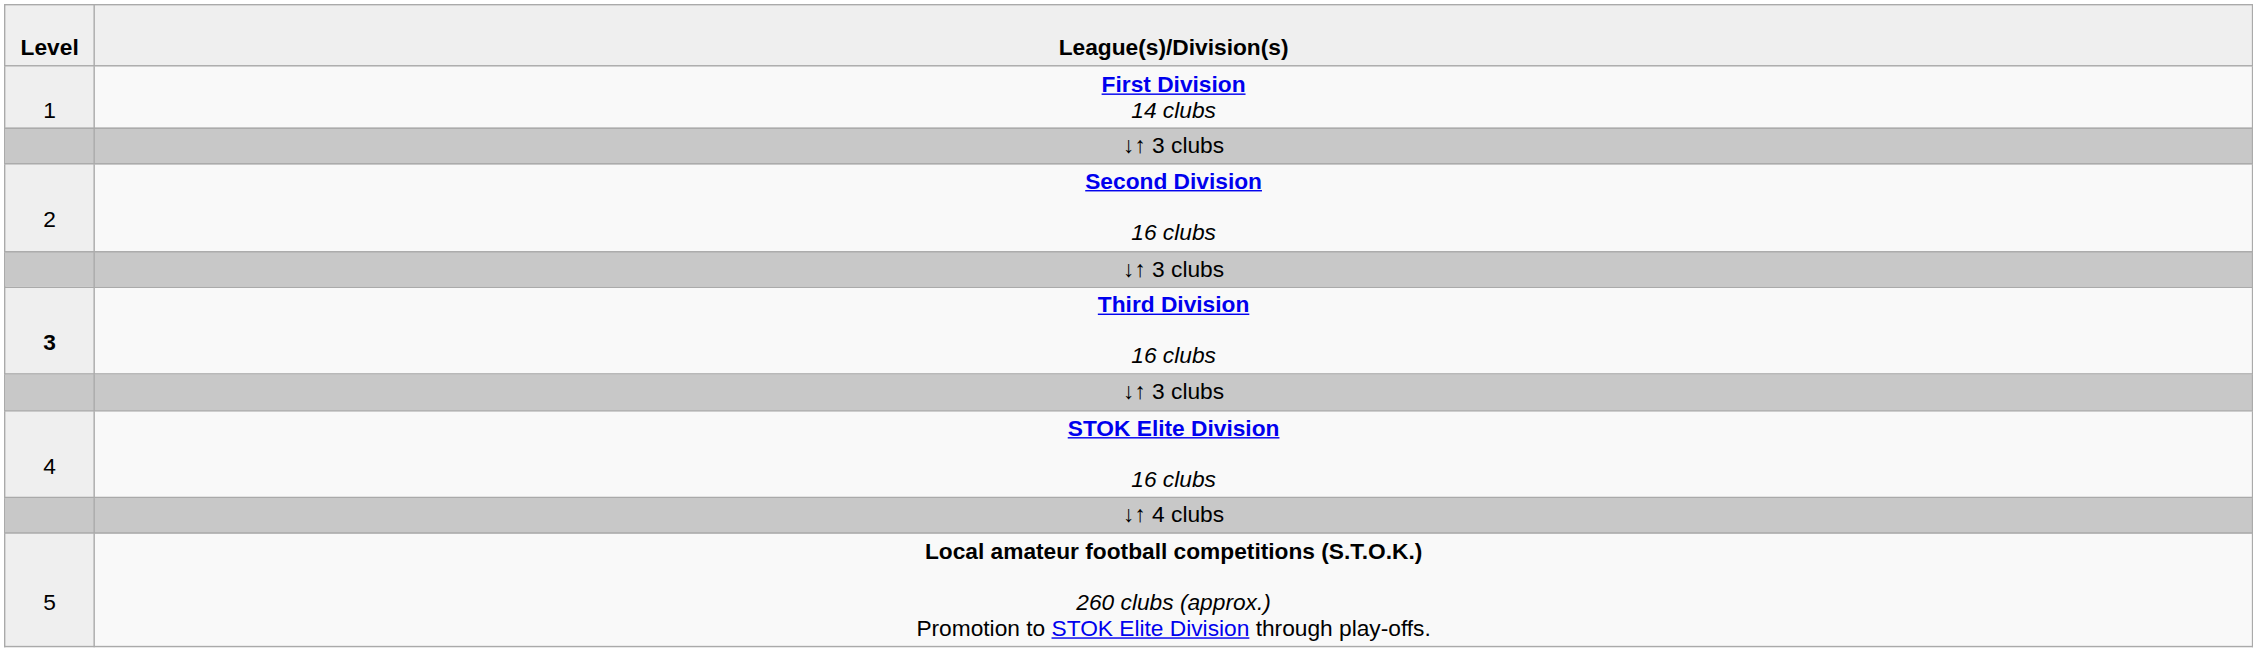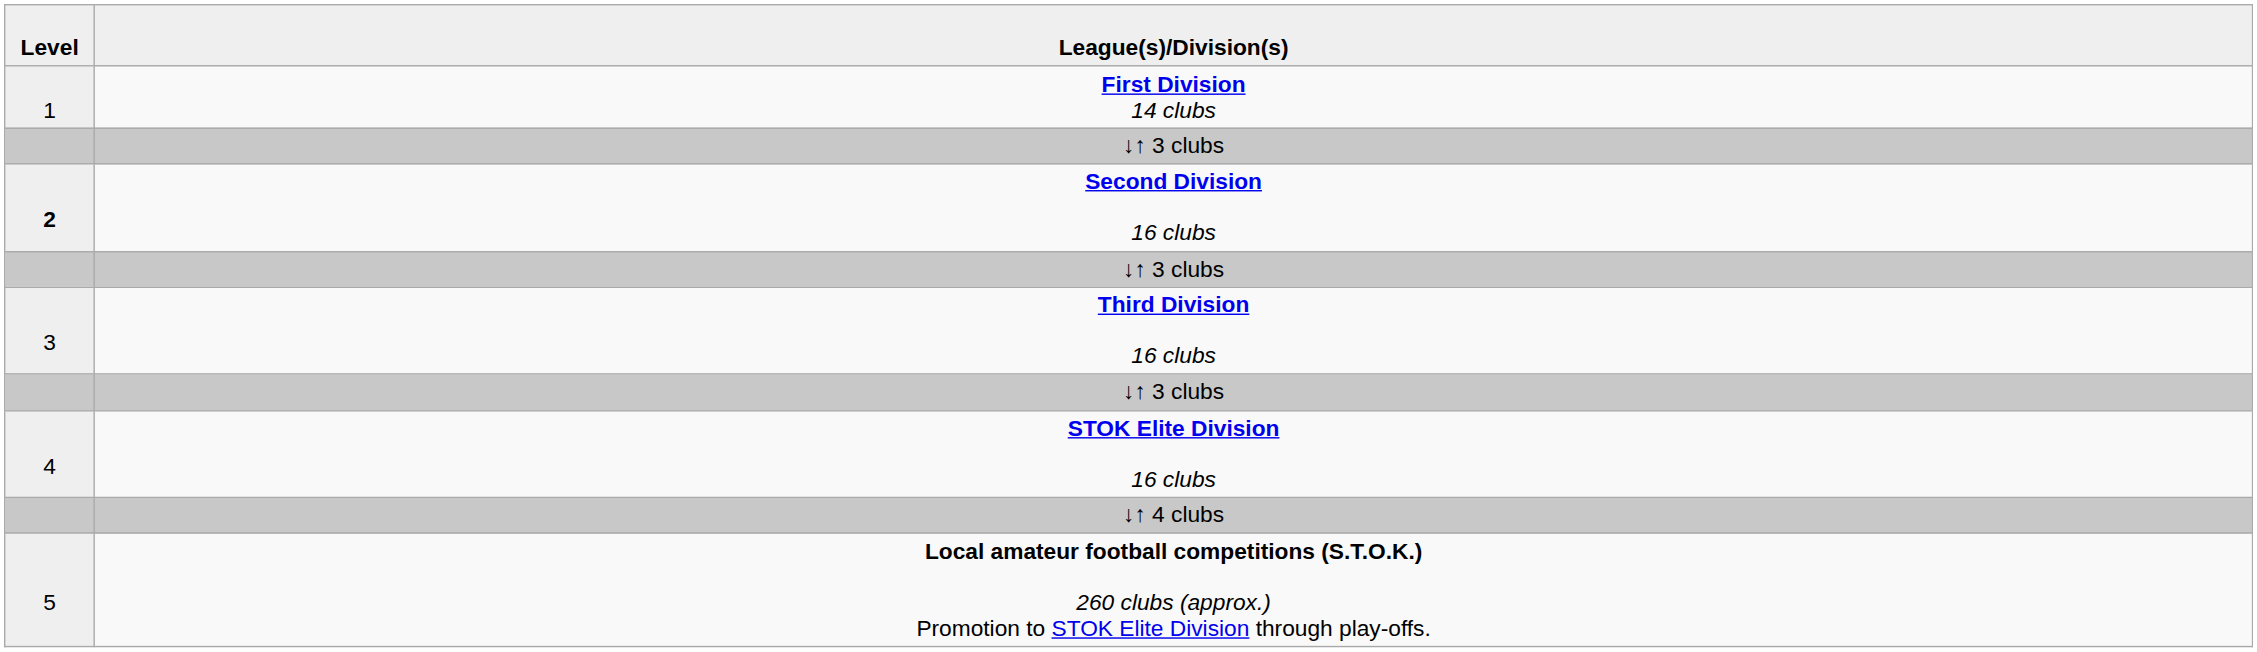 <table class="wikitable" style="text-align:center; width:100%;">
 <tr style="background:#efefef;">
 <td style="width:4%; text-align:center;"><br><strong>Level</strong></td>
 <td colspan="12"  style="width:96%; text-align:center;"><br><strong>League(s)/Division(s)</strong></td>
 </tr>
 <tr>
 <td style="text-align:center; width:4%; background:#efefef;"><br>1</td>
 <td colspan="12" width="96%" align="center"><strong><a href='#'>First Division</a></strong><br><em>14 clubs</em></td>
 </tr>
 <tr style="background:#c8c8c8">
 <td style="width:4%;"></td>
 <td colspan="9" style="width:96%;">↓↑ 3 clubs</td>
 </tr>
 <tr>
-<td style="text-align:center; width:4%; background:#efefef;"><br>2</td>
+<td style="text-align:center; width:4%; background:#efefef;"><strong><br>2</strong></td>
 <td colspan="12" width="96%" align="center"><strong><a href='#'>Second Division</a></strong><br><br><em>16 clubs</em></td>
 </tr>
 <tr style="background:#c8c8c8">
 <td style="width:4%;"></td>
 <td colspan="9" style="width:96%;">↓↑ 3 clubs</td>
 </tr>
 <tr>
-<td style="text-align:center; width:4%; background:#efefef;"><strong><br>3</strong></td>
+<td style="text-align:center; width:4%; background:#efefef;"><br>3</td>
 <td colspan="12" width="96%" align="center"><strong><a href='#'>Third Division</a></strong><br><br><em>16 clubs</em></td>
 </tr>
 <tr style="background:#c8c8c8">
 <td style="width:4%;"></td>
 <td colspan="9" style="width:96%;">↓↑ 3 clubs</td>
 </tr>
 <tr>
 <td style="text-align:center; width:4%; background:#efefef;"><br>4</td>
 <td colspan="12" width="96%" align="center"><strong><a href='#'>STOK Elite Division</a></strong><br><br><em>16 clubs</em></td>
 </tr>
 <tr style="background:#c8c8c8">
 <td style="width:4%;"></td>
 <td colspan="9" style="width:96%;">↓↑ 4 clubs</td>
 </tr>
 <tr>
 <td style="text-align:center; width:4%; background:#efefef;"><br>5</td>
 <td colspan="12" width="96%" align="center"><strong>Local amateur football competitions (S.T.O.K.)</strong><br><br><em>260 clubs (approx.)</em> <br> Promotion to <a href='#'>STOK Elite Division</a> through play-offs.</td>
 </tr>
 </table>
